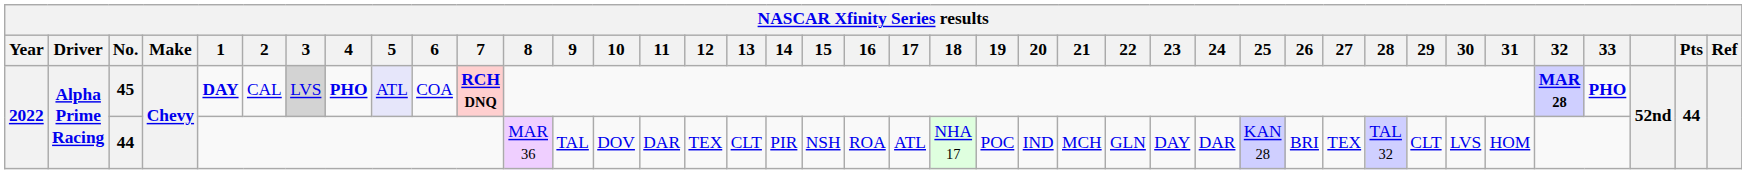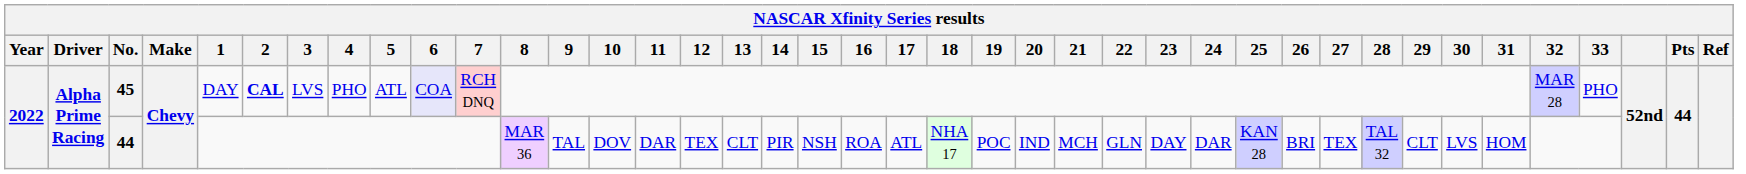 <table class="wikitable" style="text-align:center; font-size:75%">
 <tr>
 <th colspan=40><a href='#'>NASCAR Xfinity Series</a> results</th>
 </tr>
 <tr>
 <th>Year</th>
 <th>Driver</th>
 <th>No.</th>
 <th>Make</th>
 <th>1</th>
 <th>2</th>
 <th>3</th>
 <th>4</th>
 <th>5</th>
 <th>6</th>
 <th>7</th>
 <th>8</th>
 <th>9</th>
 <th>10</th>
 <th>11</th>
 <th>12</th>
 <th>13</th>
 <th>14</th>
 <th>15</th>
 <th>16</th>
 <th>17</th>
 <th>18</th>
 <th>19</th>
 <th>20</th>
 <th>21</th>
 <th>22</th>
 <th>23</th>
 <th>24</th>
 <th>25</th>
 <th>26</th>
 <th>27</th>
 <th>28</th>
 <th>29</th>
 <th>30</th>
 <th>31</th>
 <th>32</th>
 <th>33</th>
 <th></th>
 <th>Pts</th>
 <th>Ref</th>
 </tr>
 <tr>
 <th rowspan=2><a href='#'>2022</a></th>
 <th rowspan=2><a href='#'>Alpha Prime Racing</a></th>
 <th>45</th>
 <th rowspan=2><a href='#'>Chevy</a></th>
-<td><strong><a href='#'>DAY</a></strong></td>
-<td><a href='#'>CAL</a></td>
-<td style="background: lightgrey;"><a href='#'>LVS</a></td>
-<td><strong><a href='#'>PHO</a></strong></td>
-<td style="background: lavender;"><a href='#'>ATL</a></td>
-<td><a href='#'>COA</a></td>
-<td style="background:#FFCFCF;"><strong><a href='#'>RCH</a><br><small>DNQ</small></strong></td>
+<td><a href='#'>DAY</a></td>
+<td><strong><a href='#'>CAL</a></strong></td>
+<td><a href='#'>LVS</a></td>
+<td><a href='#'>PHO</a></td>
+<td><a href='#'>ATL</a></td>
+<td style="background: lavender;"><a href='#'>COA</a></td>
+<td style="background:#FFCFCF;"><a href='#'>RCH</a><br><small>DNQ</small></td>
 <td colspan=24></td>
-<td style="background:#CFCFFF;"><strong><a href='#'>MAR</a><br><small>28</small></strong></td>
-<td style="background:#;"><strong><a href='#'>PHO</a></strong></td>
+<td style="background:#CFCFFF;"><a href='#'>MAR</a><br><small>28</small></td>
+<td style="background:#;"><a href='#'>PHO</a></td>
 <th rowspan=2>52nd</th>
 <th rowspan=2>44</th>
 <th rowspan=2></th>
 </tr>
 <tr>
 <th>44</th>
 <td colspan=7></td>
 <td style="background:#EFCFFF;"><a href='#'>MAR</a><br><small>36</small></td>
 <td><a href='#'>TAL</a></td>
 <td><a href='#'>DOV</a></td>
 <td><a href='#'>DAR</a></td>
 <td><a href='#'>TEX</a></td>
 <td><a href='#'>CLT</a></td>
 <td><a href='#'>PIR</a></td>
 <td><a href='#'>NSH</a></td>
 <td><a href='#'>ROA</a></td>
 <td><a href='#'>ATL</a></td>
 <td style="background:#DFFFDF;"><a href='#'>NHA</a><br><small>17</small></td>
 <td><a href='#'>POC</a></td>
 <td><a href='#'>IND</a></td>
 <td><a href='#'>MCH</a></td>
 <td><a href='#'>GLN</a></td>
 <td><a href='#'>DAY</a></td>
 <td><a href='#'>DAR</a></td>
 <td style="background:#CFCFFF;"><a href='#'>KAN</a><br><small>28</small></td>
 <td><a href='#'>BRI</a></td>
 <td><a href='#'>TEX</a></td>
 <td style="background:#CFCFFF;"><a href='#'>TAL</a><br><small>32</small></td>
 <td><a href='#'>CLT</a></td>
 <td><a href='#'>LVS</a></td>
 <td><a href='#'>HOM</a></td>
 <td colspan=2></td>
 </tr>
 </table>
